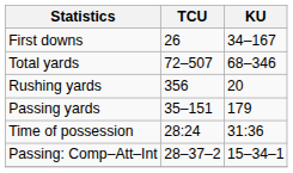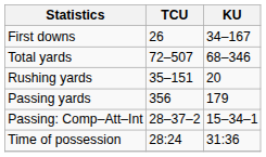 <table class="wikitable" style="float: left;">
 <tr>
 <th>Statistics</th>
 <th>TCU</th>
 <th>KU</th>
 </tr>
 <tr>
 <td>First downs</td>
 <td>26</td>
 <td>34–167</td>
 </tr>
 <tr>
 <td>Total yards</td>
 <td>72–507</td>
 <td>68–346</td>
 </tr>
 <tr>
 <td>Rushing yards</td>
-<td>356</td>
+<td>35–151</td>
 <td>20</td>
 </tr>
 <tr>
 <td>Passing yards</td>
-<td>35–151</td>
+<td>356</td>
 <td>179</td>
+</tr>
+<tr>
+<td>Passing: Comp–Att–Int</td>
+<td>28–37–2</td>
+<td>15–34–1</td>
 </tr>
 <tr>
 <td>Time of possession</td>
 <td>28:24</td>
 <td>31:36</td>
 </tr>
 <tr>
-<td>Passing: Comp–Att–Int</td>
-<td>28–37–2</td>
-<td>15–34–1</td>
-</tr>
-<tr>
 </tr>
 </table>
